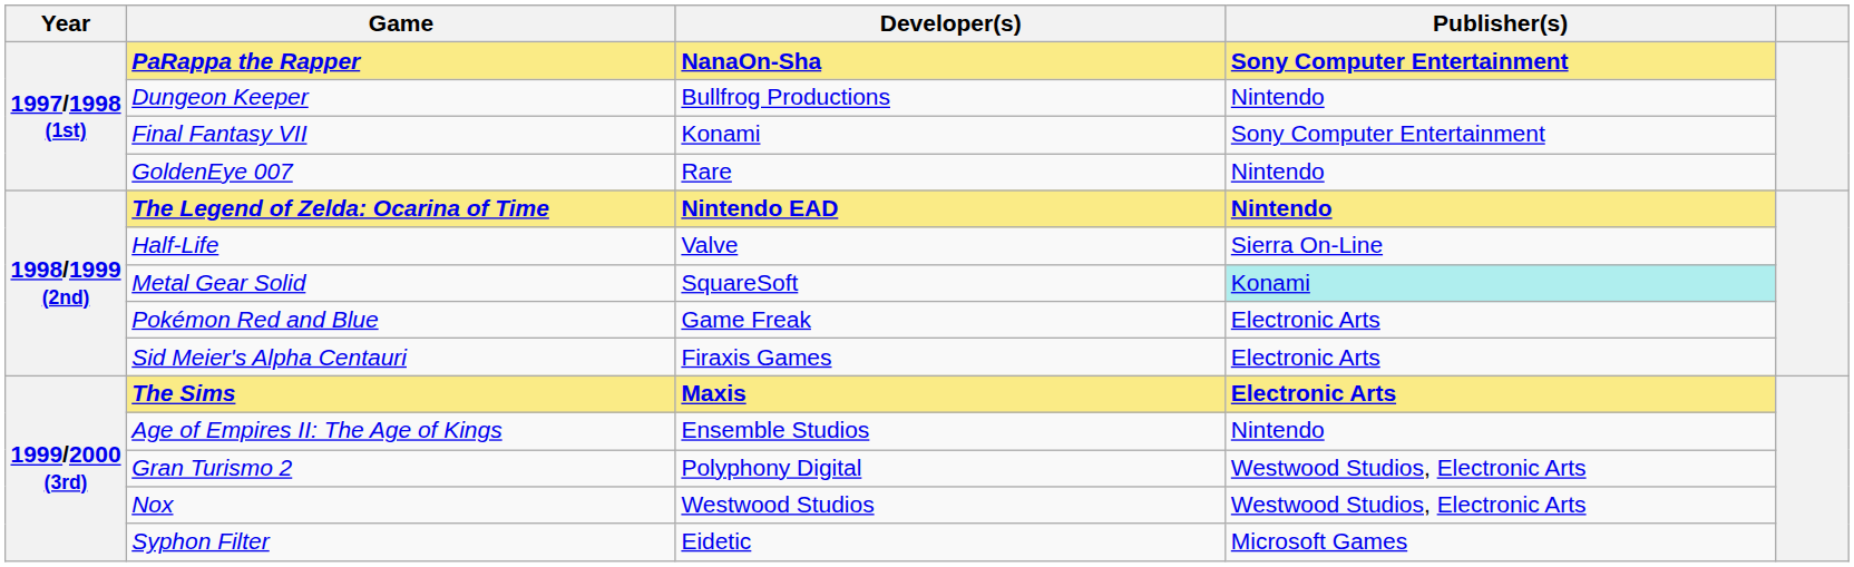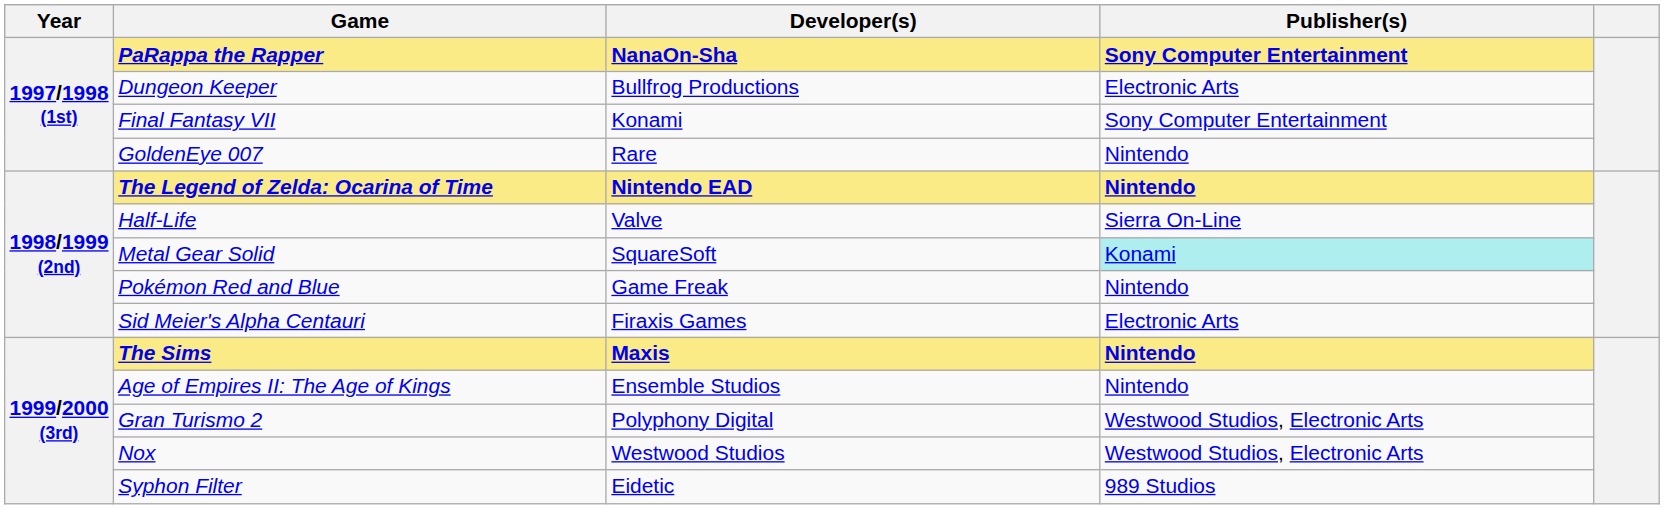 <table class="wikitable sortable" rowspan=2 style="width:100%;;">
 <tr style="background:#bebebe;">
 <th scope="col" style="width:6%;">Year</th>
 <th scope="col" style="width:30%;">Game</th>
 <th scope="col" style="width:30%;">Developer(s)</th>
 <th scope="col" style="width:30%;">Publisher(s)</th>
 <th scope="col" style="width:4%;" class="unsortable"></th>
 </tr>
 <tr>
 <th scope="row" rowspan="4" style="text-align:center"><a href='#'>1997</a>/<a href='#'>1998</a> <br><small><a href='#'>(1st)</a> </small></th>
 <td style="background:#FAEB86"><strong><em><a href='#'>PaRappa the Rapper</a></em></strong></td>
 <td style="background:#FAEB86"><strong><a href='#'>NanaOn-Sha</a></strong></td>
 <td style="background:#FAEB86"><strong><a href='#'>Sony Computer Entertainment</a></strong></td>
 <th scope="row" rowspan="4" style="text-align;center;"></th>
 </tr>
 <tr>
 <td><em><a href='#'>Dungeon Keeper</a></em></td>
 <td><a href='#'>Bullfrog Productions</a></td>
-<td><a href='#'>Nintendo</a></td>
+<td><a href='#'>Electronic Arts</a></td>
 </tr>
 <tr>
 <td><em><a href='#'>Final Fantasy VII</a></em></td>
 <td><a href='#'>Konami</a></td>
 <td><a href='#'>Sony Computer Entertainment</a></td>
 </tr>
 <tr>
 <td><em><a href='#'>GoldenEye 007</a></em></td>
 <td><a href='#'>Rare</a></td>
 <td><a href='#'>Nintendo</a></td>
 </tr>
 <tr>
 <th scope="row" rowspan="5" style="text-align:center"><a href='#'>1998</a>/<a href='#'>1999</a> <br><small><a href='#'>(2nd)</a> </small></th>
 <td style="background:#FAEB86"><strong><em><a href='#'>The Legend of Zelda: Ocarina of Time</a></em></strong></td>
 <td style="background:#FAEB86"><strong><a href='#'>Nintendo EAD</a></strong></td>
 <td style="background:#FAEB86"><strong><a href='#'>Nintendo</a></strong></td>
 <th scope="row" rowspan="5" style="text-align;center;"></th>
 </tr>
 <tr>
 <td><em><a href='#'>Half-Life</a></em></td>
 <td><a href='#'>Valve</a></td>
 <td><a href='#'>Sierra On-Line</a></td>
 </tr>
 <tr>
 <td><em><a href='#'>Metal Gear Solid</a></em></td>
 <td><a href='#'>SquareSoft</a></td>
 <td style="background: paleturquoise;"><a href='#'>Konami</a></td>
 </tr>
 <tr>
 <td><em><a href='#'>Pokémon Red and Blue</a></em></td>
 <td><a href='#'>Game Freak</a></td>
-<td><a href='#'>Electronic Arts</a></td>
+<td><a href='#'>Nintendo</a></td>
 </tr>
 <tr>
 <td><em><a href='#'>Sid Meier's Alpha Centauri</a></em></td>
 <td><a href='#'>Firaxis Games</a></td>
 <td><a href='#'>Electronic Arts</a></td>
 </tr>
 <tr>
 <th scope="row" rowspan="5" style="text-align:center"><a href='#'>1999</a>/<a href='#'>2000</a> <br><small><a href='#'>(3rd)</a> </small></th>
 <td style="background:#FAEB86"><strong><em><a href='#'>The Sims</a></em></strong></td>
 <td style="background:#FAEB86"><strong><a href='#'>Maxis</a></strong></td>
-<td style="background:#FAEB86"><strong><a href='#'>Electronic Arts</a></strong></td>
+<td style="background:#FAEB86"><strong><a href='#'>Nintendo</a></strong></td>
 <th scope="row" rowspan="5" style="text-align;center;"></th>
 </tr>
 <tr>
 <td><em><a href='#'>Age of Empires II: The Age of Kings</a></em></td>
 <td><a href='#'>Ensemble Studios</a></td>
 <td><a href='#'>Nintendo</a></td>
 </tr>
 <tr>
 <td><em><a href='#'>Gran Turismo 2</a></em></td>
 <td><a href='#'>Polyphony Digital</a></td>
 <td><a href='#'>Westwood Studios</a>, <a href='#'>Electronic Arts</a></td>
 </tr>
 <tr>
 <td><em><a href='#'>Nox</a></em></td>
 <td><a href='#'>Westwood Studios</a></td>
 <td><a href='#'>Westwood Studios</a>, <a href='#'>Electronic Arts</a></td>
 </tr>
 <tr>
 <td><em><a href='#'>Syphon Filter</a></em></td>
 <td><a href='#'>Eidetic</a></td>
-<td><a href='#'>Microsoft Games</a></td>
+<td><a href='#'>989 Studios</a></td>
 </tr>
 </table>
